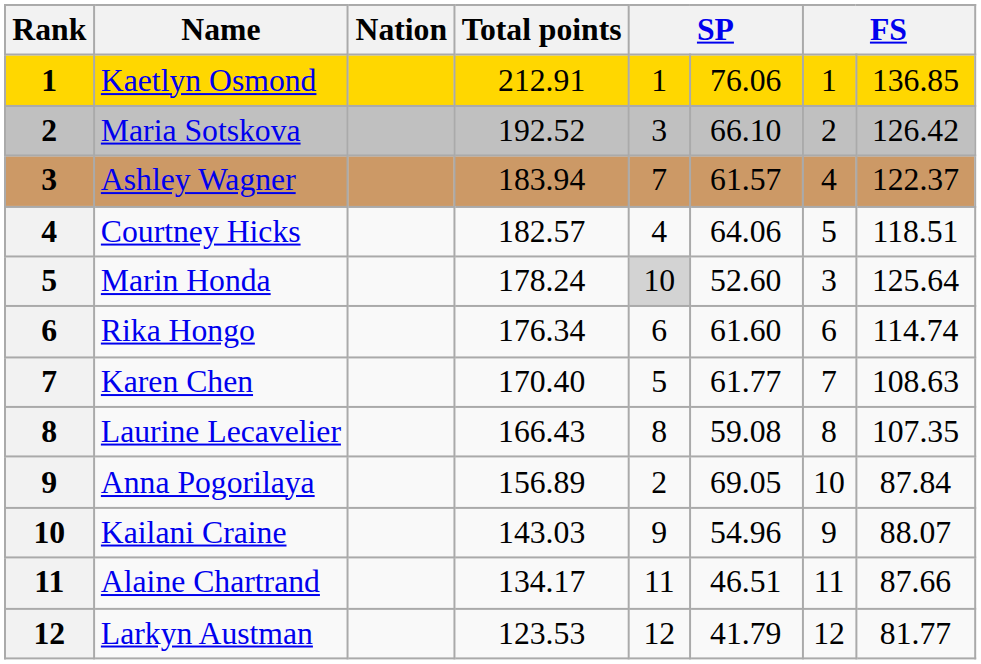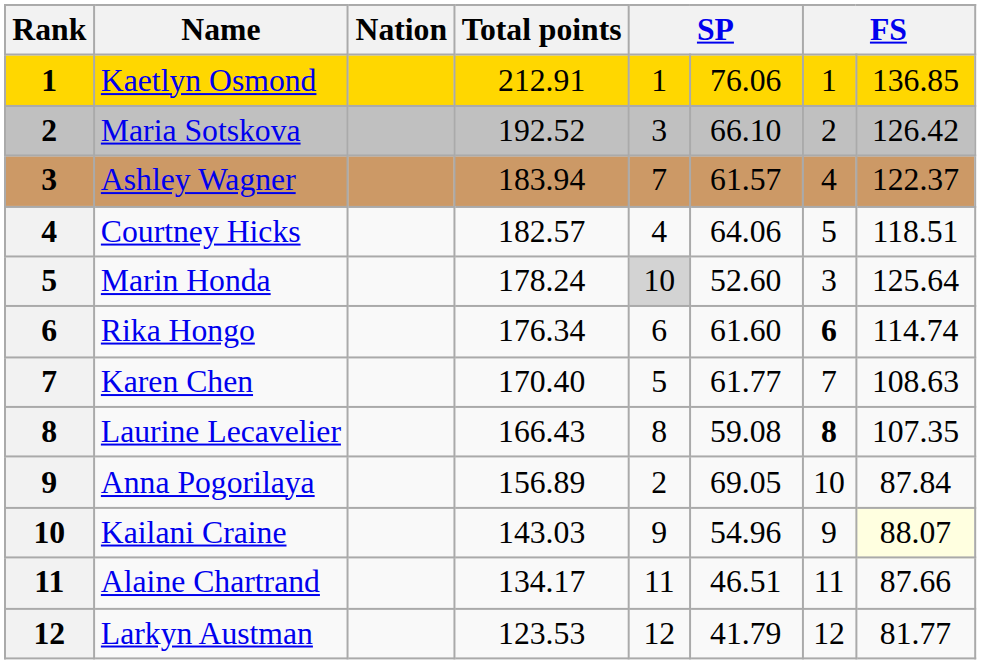 <table class="wikitable sortable">
 <tr>
 <th>Rank</th>
 <th>Name</th>
 <th>Nation</th>
 <th>Total points</th>
 <th colspan="2" width="80px"><a href='#'>SP</a></th>
 <th colspan="2" width="80px"><a href='#'>FS</a></th>
 </tr>
 <tr bgcolor="gold">
 <td align="center"><strong>1</strong></td>
 <td><a href='#'>Kaetlyn Osmond</a></td>
 <td></td>
 <td align="center">212.91</td>
 <td align="center">1</td>
 <td align="center">76.06</td>
 <td align="center">1</td>
 <td align="center">136.85</td>
 </tr>
 <tr bgcolor="silver">
 <td align="center"><strong>2</strong></td>
 <td><a href='#'>Maria Sotskova</a></td>
 <td></td>
 <td align="center">192.52</td>
 <td align="center">3</td>
 <td align="center">66.10</td>
 <td align="center">2</td>
 <td align="center">126.42</td>
 </tr>
 <tr bgcolor="cc9966">
 <td align="center"><strong>3</strong></td>
 <td><a href='#'>Ashley Wagner</a></td>
 <td></td>
 <td align="center">183.94</td>
 <td align="center">7</td>
 <td align="center">61.57</td>
 <td align="center">4</td>
 <td align="center">122.37</td>
 </tr>
 <tr>
 <th>4</th>
 <td><a href='#'>Courtney Hicks</a></td>
 <td></td>
 <td align="center">182.57</td>
 <td align="center">4</td>
 <td align="center">64.06</td>
 <td align="center">5</td>
 <td align="center">118.51</td>
 </tr>
 <tr>
 <th>5</th>
 <td><a href='#'>Marin Honda</a></td>
 <td></td>
 <td align="center">178.24</td>
 <td align="center" style="background: lightgrey;">10</td>
 <td align="center">52.60</td>
 <td align="center">3</td>
 <td align="center">125.64</td>
 </tr>
 <tr>
 <th>6</th>
 <td><a href='#'>Rika Hongo</a></td>
 <td></td>
 <td align="center">176.34</td>
 <td align="center">6</td>
 <td align="center">61.60</td>
-<td align="center">6</td>
+<td align="center"><strong>6</strong></td>
 <td align="center">114.74</td>
 </tr>
 <tr>
 <th>7</th>
 <td><a href='#'>Karen Chen</a></td>
 <td></td>
 <td align="center">170.40</td>
 <td align="center">5</td>
 <td align="center">61.77</td>
 <td align="center">7</td>
 <td align="center">108.63</td>
 </tr>
 <tr>
 <th>8</th>
 <td><a href='#'>Laurine Lecavelier</a></td>
 <td></td>
 <td align="center">166.43</td>
 <td align="center">8</td>
 <td align="center">59.08</td>
-<td align="center">8</td>
+<td align="center"><strong>8</strong></td>
 <td align="center">107.35</td>
 </tr>
 <tr>
 <th>9</th>
 <td><a href='#'>Anna Pogorilaya</a></td>
 <td></td>
 <td align="center">156.89</td>
 <td align="center">2</td>
 <td align="center">69.05</td>
 <td align="center">10</td>
 <td align="center">87.84</td>
 </tr>
 <tr>
 <th>10</th>
 <td><a href='#'>Kailani Craine</a></td>
 <td></td>
 <td align="center">143.03</td>
 <td align="center">9</td>
 <td align="center">54.96</td>
 <td align="center">9</td>
-<td align="center">88.07</td>
+<td align="center" style="background: lightyellow;">88.07</td>
 </tr>
 <tr>
 <th>11</th>
 <td><a href='#'>Alaine Chartrand</a></td>
 <td></td>
 <td align="center">134.17</td>
 <td align="center">11</td>
 <td align="center">46.51</td>
 <td align="center">11</td>
 <td align="center">87.66</td>
 </tr>
 <tr>
 <th>12</th>
 <td><a href='#'>Larkyn Austman</a></td>
 <td></td>
 <td align="center">123.53</td>
 <td align="center">12</td>
 <td align="center">41.79</td>
 <td align="center">12</td>
 <td align="center">81.77</td>
 </tr>
 </table>
